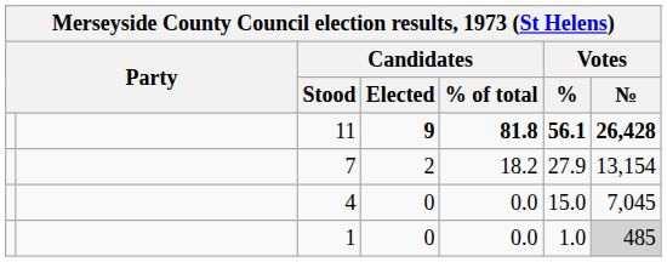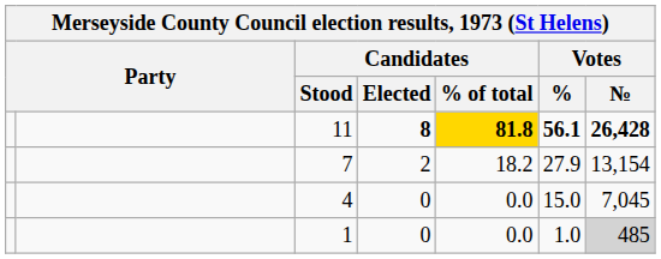 <table class="wikitable" style="font-size:95%">
 <tr>
 <th colspan="16" style="background-color:#f2f2f2">Merseyside County Council election results, 1973 (<a href='#'>St Helens</a>)</th>
 </tr>
 <tr style="vertical-align:center;">
 <th colspan="2" rowspan="2">Party</th>
 <th colspan="3" style="width: 30px">Candidates</th>
 <th colspan="2" style="width: 30px">Votes</th>
 </tr>
 <tr>
 <th>Stood</th>
 <th>Elected</th>
 <th>% of total</th>
 <th>%</th>
 <th>№</th>
 </tr>
 <tr>
 <td style="background-color: "></td>
 <td style="width: 190px"><a href='#'></a></td>
 <td style="text-align:right; ">11</td>
-<td style="text-align:right; "><strong>9</strong></td>
-<td style="text-align:right; "><strong>81.8</strong></td>
+<td style="text-align:right; "><strong>8</strong></td>
+<td style="background: gold; text-align:right; "><strong>81.8</strong></td>
 <td style="text-align:right; "><strong>56.1</strong></td>
 <td style="text-align:right; "><strong>26,428</strong></td>
 </tr>
 <tr>
 <td style="background-color: "></td>
 <td style="width: 190px"><a href='#'></a></td>
 <td style="text-align:right; ">7</td>
 <td style="text-align:right; ">2</td>
 <td style="text-align:right; ">18.2</td>
 <td style="text-align:right; ">27.9</td>
 <td style="text-align:right; ">13,154</td>
 </tr>
 <tr>
 <td style="background-color: "></td>
 <td style="width: 190px"><a href='#'></a></td>
 <td style="text-align:right; ">4</td>
 <td style="text-align:right; ">0</td>
 <td style="text-align:right; ">0.0</td>
 <td style="text-align:right; ">15.0</td>
 <td style="text-align:right; ">7,045</td>
 </tr>
 <tr>
 <td style="background-color: "></td>
 <td style="width: 190px"><a href='#'></a></td>
 <td style="text-align:right; ">1</td>
 <td style="text-align:right; ">0</td>
 <td style="text-align:right; ">0.0</td>
 <td style="text-align:right; ">1.0</td>
 <td style="background: lightgrey; text-align:right; ">485</td>
 </tr>
 </table>
